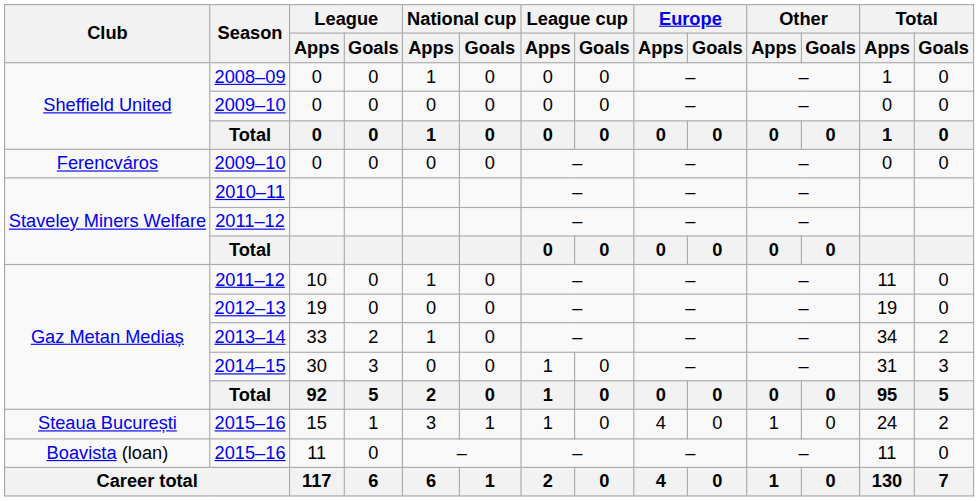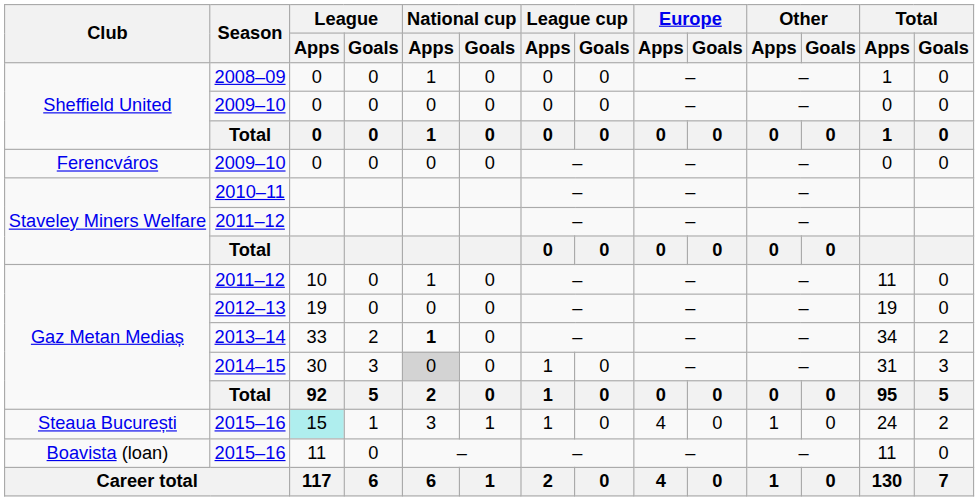 <table class="wikitable" style="text-align:center">
 <tr>
 <th rowspan="2">Club</th>
 <th rowspan="2">Season</th>
 <th colspan="2">League</th>
 <th colspan="2">National cup</th>
 <th colspan="2">League cup</th>
 <th colspan="2"><a href='#'>Europe</a></th>
 <th colspan="2">Other</th>
 <th colspan=3>Total</th>
 </tr>
 <tr>
 <th>Apps</th>
 <th>Goals</th>
 <th>Apps</th>
 <th>Goals</th>
 <th>Apps</th>
 <th>Goals</th>
 <th>Apps</th>
 <th>Goals</th>
 <th>Apps</th>
 <th>Goals</th>
 <th>Apps</th>
 <th>Goals</th>
 </tr>
 <tr>
 <td rowspan="3"><a href='#'>Sheffield United</a></td>
 <td><a href='#'>2008–09</a></td>
 <td>0</td>
 <td>0</td>
 <td>1</td>
 <td>0</td>
 <td>0</td>
 <td>0</td>
 <td colspan="2">–</td>
 <td colspan="2">–</td>
 <td>1</td>
 <td>0</td>
 </tr>
 <tr>
 <td><a href='#'>2009–10</a></td>
 <td>0</td>
 <td>0</td>
 <td>0</td>
 <td>0</td>
 <td>0</td>
 <td>0</td>
 <td colspan="2">–</td>
 <td colspan="2">–</td>
 <td>0</td>
 <td>0</td>
 </tr>
 <tr>
 <th colspan="1">Total</th>
 <th>0</th>
 <th>0</th>
 <th>1</th>
 <th>0</th>
 <th>0</th>
 <th>0</th>
 <th>0</th>
 <th>0</th>
 <th>0</th>
 <th>0</th>
 <th>1</th>
 <th>0</th>
 </tr>
 <tr>
 <td><a href='#'>Ferencváros</a></td>
 <td><a href='#'>2009–10</a></td>
 <td>0</td>
 <td>0</td>
 <td>0</td>
 <td>0</td>
 <td colspan="2">–</td>
 <td colspan="2">–</td>
 <td colspan="2">–</td>
 <td>0</td>
 <td>0</td>
 </tr>
 <tr>
 <td rowspan="3"><a href='#'>Staveley Miners Welfare</a></td>
 <td><a href='#'>2010–11</a></td>
 <td></td>
 <td></td>
 <td></td>
 <td></td>
 <td colspan="2">–</td>
 <td colspan="2">–</td>
 <td colspan="2">–</td>
 <td></td>
 <td></td>
 </tr>
 <tr>
 <td><a href='#'>2011–12</a></td>
 <td></td>
 <td></td>
 <td></td>
 <td></td>
 <td colspan="2">–</td>
 <td colspan="2">–</td>
 <td colspan="2">–</td>
 <td></td>
 <td></td>
 </tr>
 <tr>
 <th colspan="1">Total</th>
 <th></th>
 <th></th>
 <th></th>
 <th></th>
 <th>0</th>
 <th>0</th>
 <th>0</th>
 <th>0</th>
 <th>0</th>
 <th>0</th>
 <th></th>
 <th></th>
 </tr>
 <tr>
 <td rowspan="5"><a href='#'>Gaz Metan Mediaș</a></td>
 <td><a href='#'>2011–12</a></td>
 <td>10</td>
 <td>0</td>
 <td>1</td>
 <td>0</td>
 <td colspan="2">–</td>
 <td colspan="2">–</td>
 <td colspan="2">–</td>
 <td>11</td>
 <td>0</td>
 </tr>
 <tr>
 <td><a href='#'>2012–13</a></td>
 <td>19</td>
 <td>0</td>
 <td>0</td>
 <td>0</td>
 <td colspan="2">–</td>
 <td colspan="2">–</td>
 <td colspan="2">–</td>
 <td>19</td>
 <td>0</td>
 </tr>
 <tr>
 <td><a href='#'>2013–14</a></td>
 <td>33</td>
 <td>2</td>
-<td>1</td>
+<td><strong>1</strong></td>
 <td>0</td>
 <td colspan="2">–</td>
 <td colspan="2">–</td>
 <td colspan="2">–</td>
 <td>34</td>
 <td>2</td>
 </tr>
 <tr>
 <td><a href='#'>2014–15</a></td>
 <td>30</td>
 <td>3</td>
-<td>0</td>
+<td style="background: lightgrey;">0</td>
 <td>0</td>
 <td>1</td>
 <td>0</td>
 <td colspan="2">–</td>
 <td colspan="2">–</td>
 <td>31</td>
 <td>3</td>
 </tr>
 <tr>
 <th colspan="1">Total</th>
 <th>92</th>
 <th>5</th>
 <th>2</th>
 <th>0</th>
 <th>1</th>
 <th>0</th>
 <th>0</th>
 <th>0</th>
 <th>0</th>
 <th>0</th>
 <th>95</th>
 <th>5</th>
 </tr>
 <tr>
 <td><a href='#'>Steaua București</a></td>
 <td><a href='#'>2015–16</a></td>
-<td>15</td>
+<td style="background: paleturquoise;">15</td>
 <td>1</td>
 <td>3</td>
 <td>1</td>
 <td>1</td>
 <td>0</td>
 <td>4</td>
 <td>0</td>
 <td>1</td>
 <td>0</td>
 <td>24</td>
 <td>2</td>
 </tr>
 <tr>
 <td><a href='#'>Boavista</a> (loan)</td>
 <td><a href='#'>2015–16</a></td>
 <td>11</td>
 <td>0</td>
 <td colspan="2">–</td>
 <td colspan="2">–</td>
 <td colspan="2">–</td>
 <td colspan="2">–</td>
 <td>11</td>
 <td>0</td>
 </tr>
 <tr>
 <th colspan="2">Career total</th>
 <th>117</th>
 <th>6</th>
 <th>6</th>
 <th>1</th>
 <th>2</th>
 <th>0</th>
 <th>4</th>
 <th>0</th>
 <th>1</th>
 <th>0</th>
 <th>130</th>
 <th>7</th>
 </tr>
 </table>
